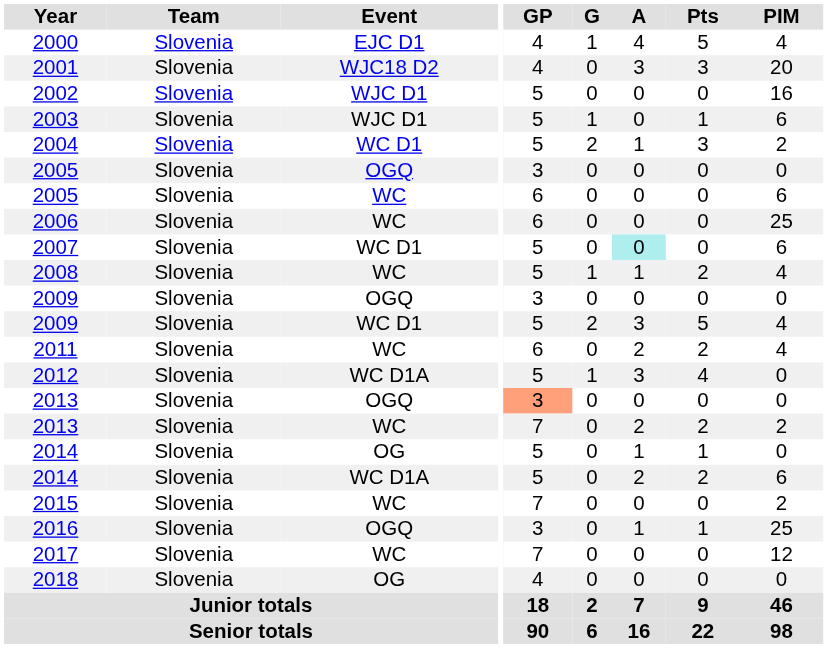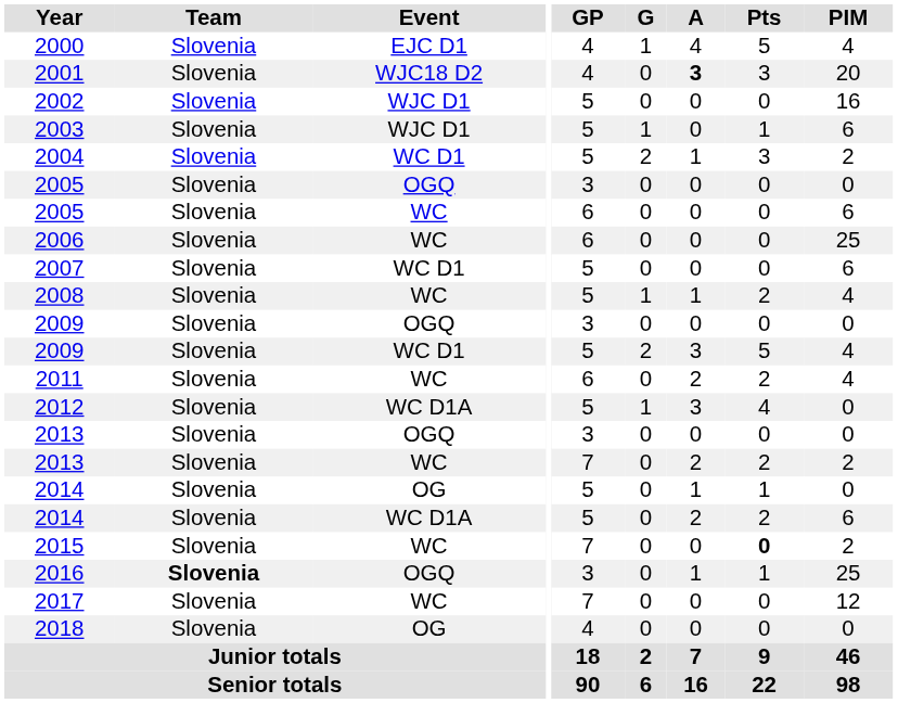 <table border="0" cellpadding="1" cellspacing="0" ID="Table3" style="text-align:center; width:40em">
 <tr ALIGN="center" bgcolor="#e0e0e0">
 <th>Year</th>
 <th>Team</th>
 <th>Event</th>
 <th rowspan="102" bgcolor="#ffffff"></th>
 <th>GP</th>
 <th>G</th>
 <th>A</th>
 <th>Pts</th>
 <th>PIM</th>
 </tr>
 <tr>
 <td><a href='#'>2000</a></td>
 <td><a href='#'>Slovenia</a></td>
 <td><a href='#'>EJC D1</a></td>
 <td>4</td>
 <td>1</td>
 <td>4</td>
 <td>5</td>
 <td>4</td>
 </tr>
 <tr bgcolor="#f0f0f0">
 <td><a href='#'>2001</a></td>
 <td>Slovenia</td>
 <td><a href='#'>WJC18 D2</a></td>
 <td>4</td>
 <td>0</td>
-<td>3</td>
+<td><strong>3</strong></td>
 <td>3</td>
 <td>20</td>
 </tr>
 <tr>
 <td><a href='#'>2002</a></td>
 <td><a href='#'>Slovenia</a></td>
 <td><a href='#'>WJC D1</a></td>
 <td>5</td>
 <td>0</td>
 <td>0</td>
 <td>0</td>
 <td>16</td>
 </tr>
 <tr bgcolor="#f0f0f0">
 <td><a href='#'>2003</a></td>
 <td>Slovenia</td>
 <td>WJC D1</td>
 <td>5</td>
 <td>1</td>
 <td>0</td>
 <td>1</td>
 <td>6</td>
 </tr>
 <tr>
 <td><a href='#'>2004</a></td>
 <td><a href='#'>Slovenia</a></td>
 <td><a href='#'>WC D1</a></td>
 <td>5</td>
 <td>2</td>
 <td>1</td>
 <td>3</td>
 <td>2</td>
 </tr>
 <tr bgcolor="#f0f0f0">
 <td><a href='#'>2005</a></td>
 <td>Slovenia</td>
 <td><a href='#'>OGQ</a></td>
 <td>3</td>
 <td>0</td>
 <td>0</td>
 <td>0</td>
 <td>0</td>
 </tr>
 <tr>
 <td><a href='#'>2005</a></td>
 <td>Slovenia</td>
 <td><a href='#'>WC</a></td>
 <td>6</td>
 <td>0</td>
 <td>0</td>
 <td>0</td>
 <td>6</td>
 </tr>
 <tr bgcolor="#f0f0f0">
 <td><a href='#'>2006</a></td>
 <td>Slovenia</td>
 <td>WC</td>
 <td>6</td>
 <td>0</td>
 <td>0</td>
 <td>0</td>
 <td>25</td>
 </tr>
 <tr>
 <td><a href='#'>2007</a></td>
 <td>Slovenia</td>
 <td>WC D1</td>
 <td>5</td>
 <td>0</td>
-<td style="background: paleturquoise;">0</td>
+<td>0</td>
 <td>0</td>
 <td>6</td>
 </tr>
 <tr bgcolor="#f0f0f0">
 <td><a href='#'>2008</a></td>
 <td>Slovenia</td>
 <td>WC</td>
 <td>5</td>
 <td>1</td>
 <td>1</td>
 <td>2</td>
 <td>4</td>
 </tr>
 <tr>
 <td><a href='#'>2009</a></td>
 <td>Slovenia</td>
 <td>OGQ</td>
 <td>3</td>
 <td>0</td>
 <td>0</td>
 <td>0</td>
 <td>0</td>
 </tr>
 <tr bgcolor="#f0f0f0">
 <td><a href='#'>2009</a></td>
 <td>Slovenia</td>
 <td>WC D1</td>
 <td>5</td>
 <td>2</td>
 <td>3</td>
 <td>5</td>
 <td>4</td>
 </tr>
 <tr>
 <td><a href='#'>2011</a></td>
 <td>Slovenia</td>
 <td>WC</td>
 <td>6</td>
 <td>0</td>
 <td>2</td>
 <td>2</td>
 <td>4</td>
 </tr>
 <tr bgcolor="#f0f0f0">
 <td><a href='#'>2012</a></td>
 <td>Slovenia</td>
 <td>WC D1A</td>
 <td>5</td>
 <td>1</td>
 <td>3</td>
 <td>4</td>
 <td>0</td>
 </tr>
 <tr>
 <td><a href='#'>2013</a></td>
 <td>Slovenia</td>
 <td>OGQ</td>
-<td style="background: lightsalmon;">3</td>
+<td>3</td>
 <td>0</td>
 <td>0</td>
 <td>0</td>
 <td>0</td>
 </tr>
 <tr bgcolor="#f0f0f0">
 <td><a href='#'>2013</a></td>
 <td>Slovenia</td>
 <td>WC</td>
 <td>7</td>
 <td>0</td>
 <td>2</td>
 <td>2</td>
 <td>2</td>
 </tr>
 <tr>
 <td><a href='#'>2014</a></td>
 <td>Slovenia</td>
 <td>OG</td>
 <td>5</td>
 <td>0</td>
 <td>1</td>
 <td>1</td>
 <td>0</td>
 </tr>
 <tr bgcolor="#f0f0f0">
 <td><a href='#'>2014</a></td>
 <td>Slovenia</td>
 <td>WC D1A</td>
 <td>5</td>
 <td>0</td>
 <td>2</td>
 <td>2</td>
 <td>6</td>
 </tr>
 <tr>
 <td><a href='#'>2015</a></td>
 <td>Slovenia</td>
 <td>WC</td>
 <td>7</td>
 <td>0</td>
 <td>0</td>
-<td>0</td>
+<td><strong>0</strong></td>
 <td>2</td>
 </tr>
 <tr bgcolor="#f0f0f0">
 <td><a href='#'>2016</a></td>
-<td>Slovenia</td>
+<td><strong>Slovenia</strong></td>
 <td>OGQ</td>
 <td>3</td>
 <td>0</td>
 <td>1</td>
 <td>1</td>
 <td>25</td>
 </tr>
 <tr>
 <td><a href='#'>2017</a></td>
 <td>Slovenia</td>
 <td>WC</td>
 <td>7</td>
 <td>0</td>
 <td>0</td>
 <td>0</td>
 <td>12</td>
 </tr>
 <tr bgcolor="#f0f0f0">
 <td><a href='#'>2018</a></td>
 <td>Slovenia</td>
 <td>OG</td>
 <td>4</td>
 <td>0</td>
 <td>0</td>
 <td>0</td>
 <td>0</td>
 </tr>
 <tr bgcolor="#e0e0e0">
 <th colspan=3>Junior totals</th>
 <th>18</th>
 <th>2</th>
 <th>7</th>
 <th>9</th>
 <th>46</th>
 </tr>
 <tr bgcolor="#e0e0e0">
 <th colspan=3>Senior totals</th>
 <th>90</th>
 <th>6</th>
 <th>16</th>
 <th>22</th>
 <th>98</th>
 </tr>
 </table>
